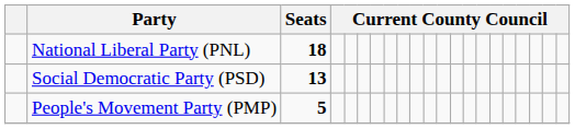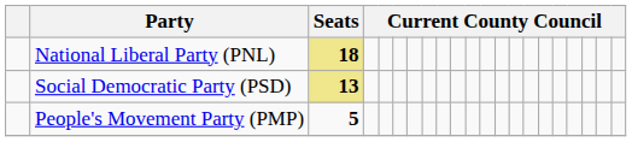 <table class="wikitable">
 <tr>
 <th>   </th>
 <th>Party</th>
 <th>Seats</th>
 <th colspan="21">Current County Council</th>
 </tr>
 <tr>
 <td>  </td>
 <td><a href='#'>National Liberal Party</a> (PNL)</td>
-<td style="text-align: right"><strong>18</strong></td>
+<td style="background: khaki; text-align: right"><strong>18</strong></td>
 <td>  </td>
 <td>  </td>
 <td>  </td>
 <td>  </td>
 <td>  </td>
 <td>  </td>
 <td>  </td>
 <td>  </td>
 <td>  </td>
 <td>  </td>
 <td>  </td>
 <td>  </td>
 <td>  </td>
 <td>  </td>
 <td>  </td>
 <td>  </td>
 <td>  </td>
 <td>  </td>
 </tr>
 <tr>
 <td>  </td>
 <td><a href='#'>Social Democratic Party</a> (PSD)</td>
-<td style="text-align: right"><strong>13</strong></td>
+<td style="background: khaki; text-align: right"><strong>13</strong></td>
 <td>  </td>
 <td>  </td>
 <td>  </td>
 <td>  </td>
 <td>  </td>
 <td>  </td>
 <td>  </td>
 <td>  </td>
 <td>  </td>
 <td>  </td>
 <td>  </td>
 <td>  </td>
 <td>  </td>
 <td> </td>
 <td> </td>
 <td> </td>
 <td> </td>
 <td> </td>
 </tr>
 <tr>
 <td>  </td>
 <td><a href='#'>People's Movement Party</a> (PMP)</td>
 <td style="text-align: right"><strong>5</strong></td>
 <td>  </td>
 <td>  </td>
 <td>  </td>
 <td>  </td>
 <td>  </td>
 <td> </td>
 <td> </td>
 <td> </td>
 <td> </td>
 <td> </td>
 <td> </td>
 <td> </td>
 <td> </td>
 <td> </td>
 <td> </td>
 <td> </td>
 <td> </td>
 <td> </td>
 </tr>
 <tr>
 </tr>
 </table>
